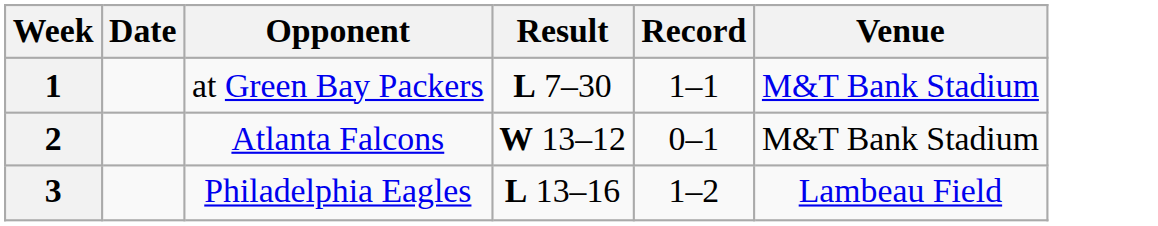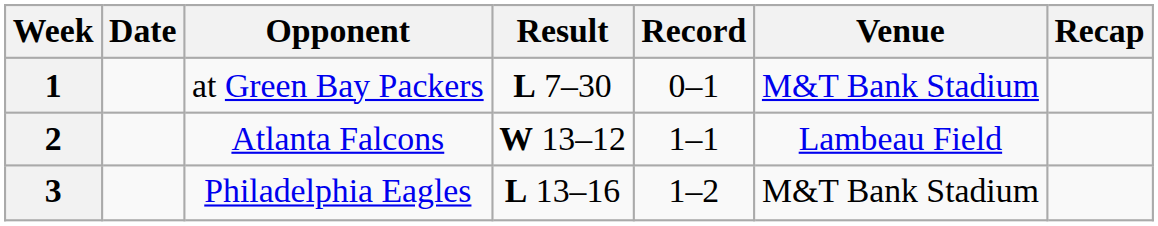 <table class="wikitable" style="text-align:center">
 <tr>
 <th>Week</th>
 <th>Date</th>
 <th>Opponent</th>
 <th>Result</th>
 <th>Record</th>
 <th>Venue</th>
+<th>Recap</th>
 </tr>
 <tr>
 <th>1</th>
 <td></td>
 <td>at <a href='#'>Green Bay Packers</a></td>
 <td><strong>L</strong> 7–30</td>
-<td>1–1</td>
+<td>0–1</td>
 <td><a href='#'>M&T Bank Stadium</a></td>
+<td></td>
 </tr>
 <tr>
 <th>2</th>
 <td></td>
 <td><a href='#'>Atlanta Falcons</a></td>
 <td><strong>W</strong> 13–12</td>
-<td>0–1</td>
-<td>M&T Bank Stadium</td>
+<td>1–1</td>
+<td><a href='#'>Lambeau Field</a></td>
+<td></td>
 </tr>
 <tr>
 <th>3</th>
 <td></td>
 <td><a href='#'>Philadelphia Eagles</a></td>
 <td><strong>L</strong> 13–16</td>
 <td>1–2</td>
-<td><a href='#'>Lambeau Field</a></td>
+<td>M&T Bank Stadium</td>
+<td></td>
 </tr>
 </table>
